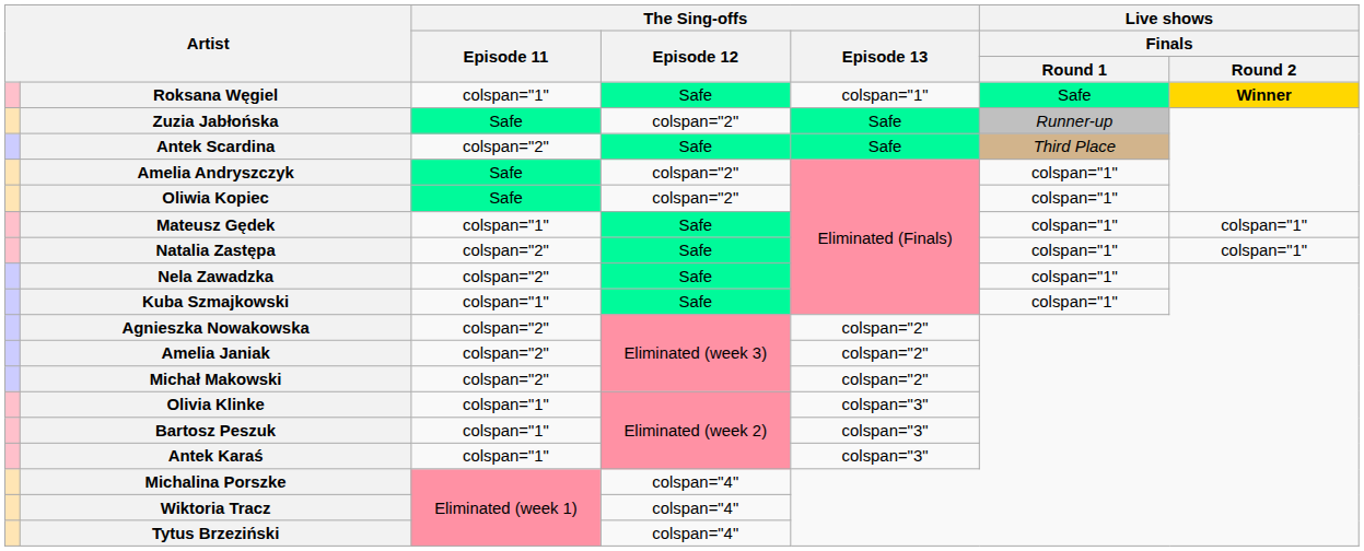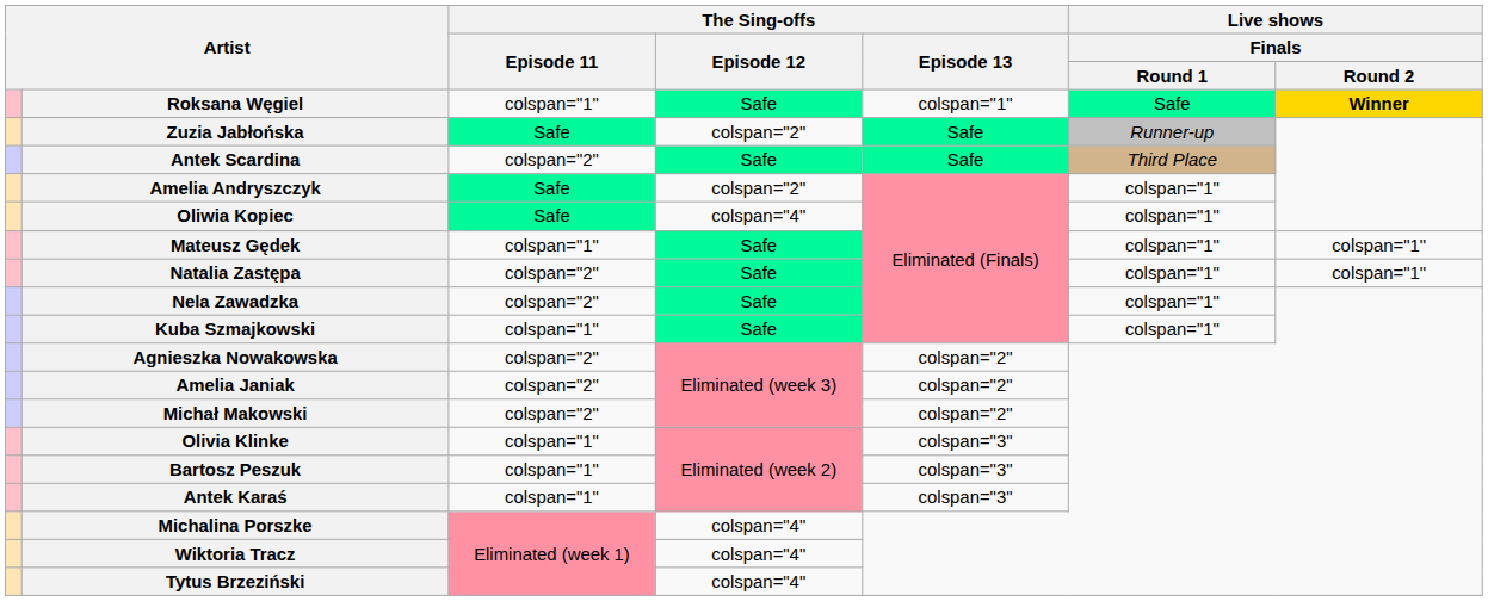 <table class="wikitable"  style="text-align:center; font-size:95%; width:100%;">
 <tr>
 </tr>
 <tr>
 <th rowspan="3" colspan="2">Artist</th>
 <th colspan="3" style="width:14%">The Sing-offs</th>
 <th colspan="2" style="width:14%">Live shows</th>
 </tr>
 <tr>
 <th rowspan="2" style="width:14%">Episode 11</th>
 <th rowspan="2" style="width:14%">Episode 12</th>
 <th rowspan="2" style="width:14%">Episode 13</th>
 <th colspan="2" style="width:14%">Finals</th>
 </tr>
 <tr>
 <th style="width:14%;">Round 1</th>
 <th style="width:14%;">Round 2</th>
 </tr>
 <tr>
 <th style="background:pink;"></th>
 <th style="background:#;">Roksana Węgiel</th>
 <td>colspan="1" </td>
 <td style="background:#00FA9A;">Safe</td>
 <td>colspan="1" </td>
 <td style="background:#00FA9A;">Safe</td>
 <td style="background:gold;"><strong>Winner</strong></td>
 </tr>
 <tr>
 <th style="background:#ffe5b4;"></th>
 <th style="background:#;">Zuzia Jabłońska</th>
 <td style="background:#00FA9A;">Safe</td>
 <td>colspan="2" </td>
 <td style="background:#00FA9A;">Safe</td>
 <td style="background:silver;"><em>Runner-up</em></td>
 </tr>
 <tr>
 <th style="background:#ccf;"></th>
 <th style="background:#;">Antek Scardina</th>
 <td>colspan="2" </td>
 <td style="background:#00FA9A;">Safe</td>
 <td style="background:#00FA9A;">Safe</td>
 <td style="background:tan;"><em>Third Place</em></td>
 </tr>
 <tr>
 <th style="background:#ffe5b4;"></th>
 <th style="background:#;">Amelia Andryszczyk</th>
 <td style="background:#00FA9A;">Safe</td>
 <td>colspan="2" </td>
 <td rowspan="6" colspan="1" style="background:#FF91A4;">Eliminated (Finals)</td>
 <td>colspan="1" </td>
 </tr>
 <tr>
 <th style="background:#ffe5b4;"></th>
 <th style="background:#;">Oliwia Kopiec</th>
 <td style="background:#00FA9A;">Safe</td>
-<td>colspan="2" </td>
+<td>colspan="4" </td>
 <td>colspan="1" </td>
 </tr>
 <tr>
 <th style="background:pink;"></th>
 <th style="background:#;">Mateusz Gędek</th>
 <td>colspan="1" </td>
 <td style="background:#00FA9A;">Safe</td>
 <td>colspan="1" </td>
 <td>colspan="1" </td>
 </tr>
 <tr>
 <th style="background:pink;"></th>
 <th style="background:#;">Natalia Zastępa</th>
 <td>colspan="2" </td>
 <td style="background:#00FA9A;">Safe</td>
 <td>colspan="1" </td>
 <td>colspan="1" </td>
 </tr>
 <tr>
 <th style="background:#ccf;"></th>
 <th style="background:#;">Nela Zawadzka</th>
 <td>colspan="2" </td>
 <td style="background:#00FA9A;">Safe</td>
 <td>colspan="1" </td>
 </tr>
 <tr>
 <th style="background:#ccf;"></th>
 <th style="background:#;">Kuba Szmajkowski</th>
 <td>colspan="1" </td>
 <td style="background:#00FA9A;">Safe</td>
 <td>colspan="1" </td>
 </tr>
 <tr>
 <th style="background:#ccf;"></th>
 <th style="background:#;">Agnieszka Nowakowska</th>
 <td>colspan="2" </td>
 <td rowspan="3" colspan="1" style="background:#FF91A4;">Eliminated (week 3)</td>
 <td>colspan="2" </td>
 </tr>
 <tr>
 <th style="background:#ccf;"></th>
 <th style="background:#;">Amelia Janiak</th>
 <td>colspan="2" </td>
 <td>colspan="2" </td>
 </tr>
 <tr>
 <th style="background:#ccf;"></th>
 <th style="background:#;">Michał Makowski</th>
 <td>colspan="2" </td>
 <td>colspan="2" </td>
 </tr>
 <tr>
 <th style="background:pink;"></th>
 <th style="background:#;">Olivia Klinke</th>
 <td>colspan="1" </td>
 <td rowspan="3" colspan="1" style="background:#FF91A4;">Eliminated (week 2)</td>
 <td>colspan="3" </td>
 </tr>
 <tr>
 <th style="background:pink;"></th>
 <th style="background:#;">Bartosz Peszuk</th>
 <td>colspan="1" </td>
 <td>colspan="3" </td>
 </tr>
 <tr>
 <th style="background:pink;"></th>
 <th style="background:#;">Antek Karaś</th>
 <td>colspan="1" </td>
 <td>colspan="3" </td>
 </tr>
 <tr>
 <th style="background:#ffe5b4;"></th>
 <th style="background:#;">Michalina Porszke</th>
 <td rowspan="3" colspan="1" style="background:#FF91A4;">Eliminated (week 1)</td>
 <td>colspan="4" </td>
 </tr>
 <tr>
 <th style="background:#ffe5b4;"></th>
 <th style="background:#;">Wiktoria Tracz</th>
 <td>colspan="4" </td>
 </tr>
 <tr>
 <th style="background:#ffe5b4;"></th>
 <th style="background:#;">Tytus Brzeziński</th>
 <td>colspan="4" </td>
 </tr>
 </table>
